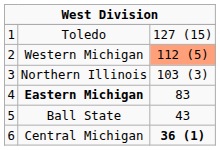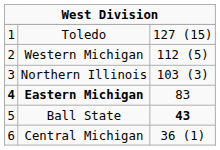 <table class="wikitable">
 <tr align="center">
 <td align="center" Colspan="3"><strong>West Division</strong></td>
 </tr>
 <tr align="center">
 </tr>
 <tr align="center">
 <td>1</td>
 <td>Toledo</td>
 <td>127 (15)</td>
 </tr>
 <tr align="center">
 <td>2</td>
 <td>Western Michigan</td>
-<td style="background: lightsalmon;">112 (5)</td>
+<td>112 (5)</td>
 </tr>
 <tr align="center">
 <td>3</td>
 <td>Northern Illinois</td>
 <td>103 (3)</td>
 </tr>
 <tr align="center">
-<td>4</td>
+<td><strong>4</strong></td>
 <td><strong>Eastern Michigan</strong></td>
 <td>83</td>
 </tr>
 <tr align="center">
 <td>5</td>
 <td>Ball State</td>
-<td>43</td>
+<td><strong>43</strong></td>
 </tr>
 <tr align="center">
 <td>6</td>
 <td>Central Michigan</td>
-<td><strong>36 (1)</strong></td>
+<td>36 (1)</td>
 </tr>
 </table>
